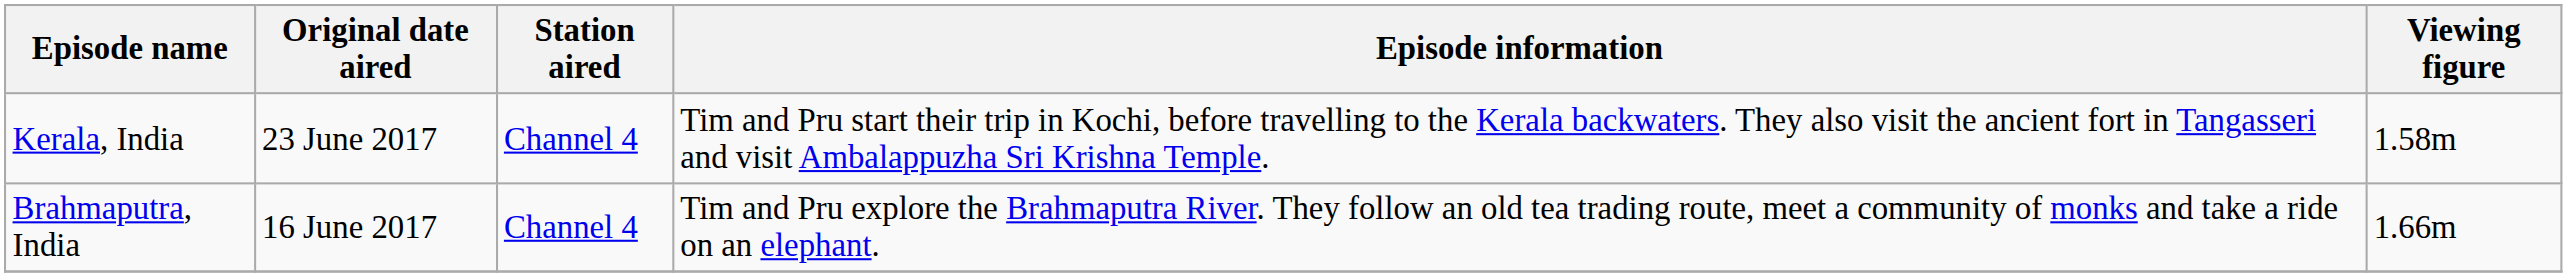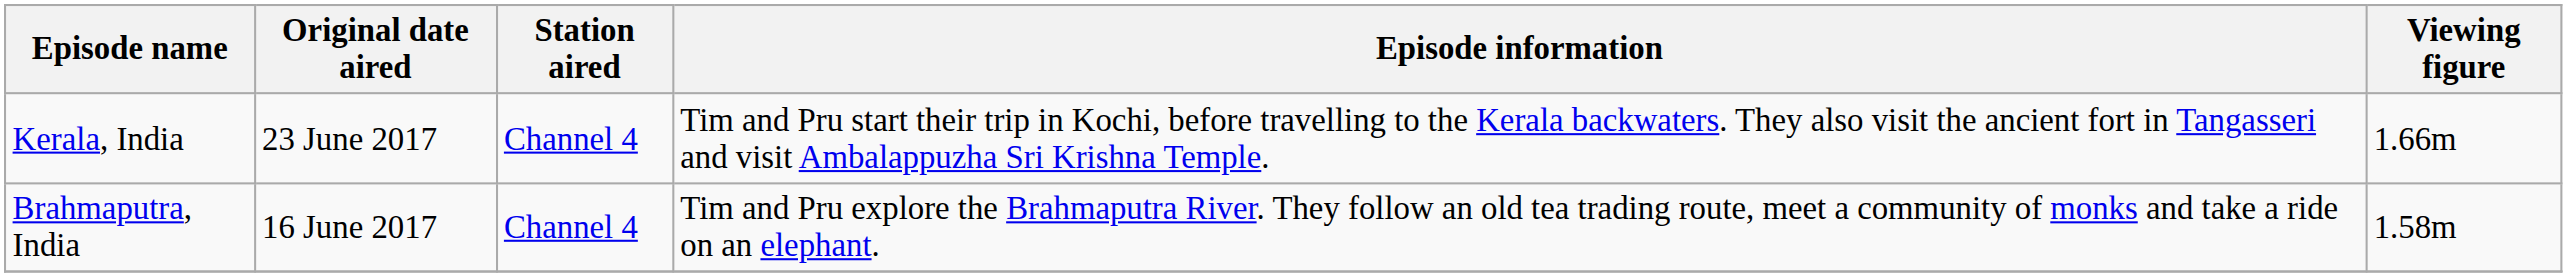 <table class="wikitable sortable">
 <tr>
 <th>Episode name</th>
 <th>Original date aired</th>
 <th>Station aired</th>
 <th>Episode information</th>
 <th>Viewing figure</th>
 </tr>
 <tr>
 <td><a href='#'>Kerala</a>, India</td>
 <td>23 June 2017</td>
 <td><a href='#'>Channel 4</a></td>
 <td>Tim and Pru start their trip in Kochi, before travelling to the <a href='#'>Kerala backwaters</a>. They also visit the ancient fort in <a href='#'>Tangasseri</a> and visit <a href='#'>Ambalappuzha Sri Krishna Temple</a>.</td>
-<td>1.58m</td>
+<td>1.66m</td>
 </tr>
 <tr>
 <td><a href='#'>Brahmaputra</a>, India</td>
 <td>16 June 2017</td>
 <td><a href='#'>Channel 4</a></td>
 <td>Tim and Pru explore the <a href='#'>Brahmaputra River</a>. They follow an old tea trading route, meet a community of <a href='#'>monks</a> and take a ride on an <a href='#'>elephant</a>.</td>
-<td>1.66m</td>
+<td>1.58m</td>
 </tr>
 <tr>
 </tr>
 </table>
